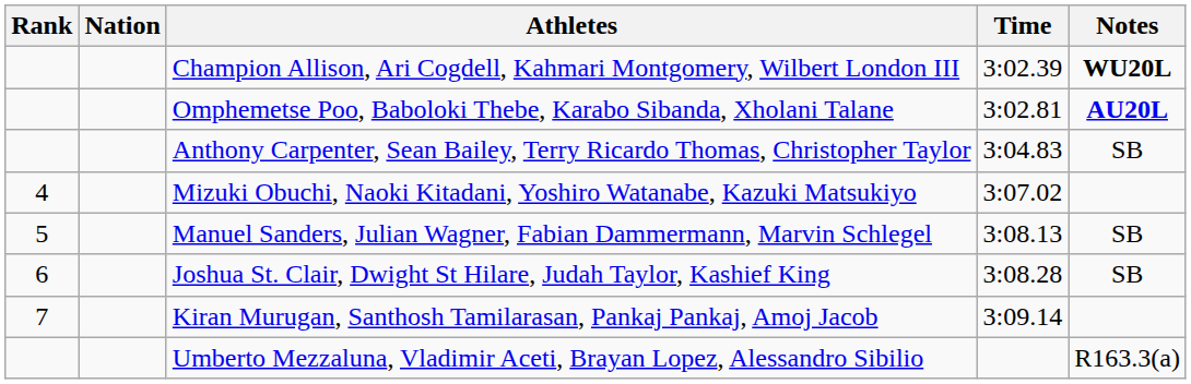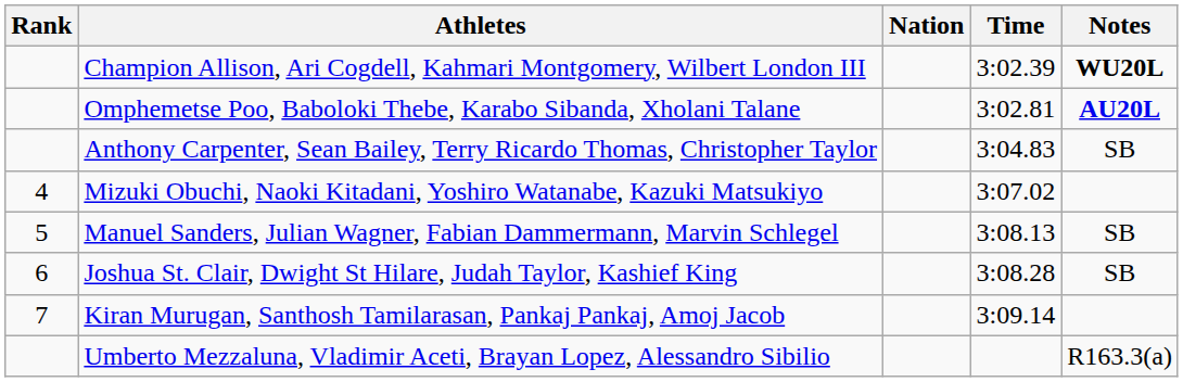 <table class="wikitable sortable" style="text-align:center">
 <tr>
 <th>Rank</th>
+<th>Athletes</th>
 <th>Nation</th>
-<th>Athletes</th>
 <th>Time</th>
 <th>Notes</th>
 </tr>
 <tr>
 <td></td>
+<td align=left><a href='#'>Champion Allison</a>, <a href='#'>Ari Cogdell</a>, <a href='#'>Kahmari Montgomery</a>, <a href='#'>Wilbert London III</a></td>
 <td align=left></td>
-<td align=left><a href='#'>Champion Allison</a>, <a href='#'>Ari Cogdell</a>, <a href='#'>Kahmari Montgomery</a>, <a href='#'>Wilbert London III</a></td>
 <td>3:02.39</td>
 <td><strong>WU20L</strong></td>
 </tr>
 <tr>
 <td></td>
+<td align=left><a href='#'>Omphemetse Poo</a>, <a href='#'>Baboloki Thebe</a>, <a href='#'>Karabo Sibanda</a>, <a href='#'>Xholani Talane</a></td>
 <td align=left></td>
-<td align=left><a href='#'>Omphemetse Poo</a>, <a href='#'>Baboloki Thebe</a>, <a href='#'>Karabo Sibanda</a>, <a href='#'>Xholani Talane</a></td>
 <td>3:02.81</td>
 <td><strong><a href='#'>AU20L</a></strong></td>
 </tr>
 <tr>
 <td></td>
+<td align=left><a href='#'>Anthony Carpenter</a>, <a href='#'>Sean Bailey</a>, <a href='#'>Terry Ricardo Thomas</a>, <a href='#'>Christopher Taylor</a></td>
 <td align=left></td>
-<td align=left><a href='#'>Anthony Carpenter</a>, <a href='#'>Sean Bailey</a>, <a href='#'>Terry Ricardo Thomas</a>, <a href='#'>Christopher Taylor</a></td>
 <td>3:04.83</td>
 <td>SB</td>
 </tr>
 <tr>
 <td>4</td>
+<td align=left><a href='#'>Mizuki Obuchi</a>, <a href='#'>Naoki Kitadani</a>, <a href='#'>Yoshiro Watanabe</a>, <a href='#'>Kazuki Matsukiyo</a></td>
 <td align=left></td>
-<td align=left><a href='#'>Mizuki Obuchi</a>, <a href='#'>Naoki Kitadani</a>, <a href='#'>Yoshiro Watanabe</a>, <a href='#'>Kazuki Matsukiyo</a></td>
 <td>3:07.02</td>
 <td></td>
 </tr>
 <tr>
 <td>5</td>
+<td align=left><a href='#'>Manuel Sanders</a>, <a href='#'>Julian Wagner</a>, <a href='#'>Fabian Dammermann</a>, <a href='#'>Marvin Schlegel</a></td>
 <td align=left></td>
-<td align=left><a href='#'>Manuel Sanders</a>, <a href='#'>Julian Wagner</a>, <a href='#'>Fabian Dammermann</a>, <a href='#'>Marvin Schlegel</a></td>
 <td>3:08.13</td>
 <td>SB</td>
 </tr>
 <tr>
 <td>6</td>
+<td align=left><a href='#'>Joshua St. Clair</a>, <a href='#'>Dwight St Hilare</a>, <a href='#'>Judah Taylor</a>, <a href='#'>Kashief King</a></td>
 <td align=left></td>
-<td align=left><a href='#'>Joshua St. Clair</a>, <a href='#'>Dwight St Hilare</a>, <a href='#'>Judah Taylor</a>, <a href='#'>Kashief King</a></td>
 <td>3:08.28</td>
 <td>SB</td>
 </tr>
 <tr>
 <td>7</td>
+<td align=left><a href='#'>Kiran Murugan</a>, <a href='#'>Santhosh Tamilarasan</a>, <a href='#'>Pankaj Pankaj</a>, <a href='#'>Amoj Jacob</a></td>
 <td align=left></td>
-<td align=left><a href='#'>Kiran Murugan</a>, <a href='#'>Santhosh Tamilarasan</a>, <a href='#'>Pankaj Pankaj</a>, <a href='#'>Amoj Jacob</a></td>
 <td>3:09.14</td>
 <td></td>
 </tr>
 <tr>
 <td></td>
+<td align=left><a href='#'>Umberto Mezzaluna</a>, <a href='#'>Vladimir Aceti</a>, <a href='#'>Brayan Lopez</a>, <a href='#'>Alessandro Sibilio</a></td>
 <td align=left></td>
-<td align=left><a href='#'>Umberto Mezzaluna</a>, <a href='#'>Vladimir Aceti</a>, <a href='#'>Brayan Lopez</a>, <a href='#'>Alessandro Sibilio</a></td>
 <td></td>
 <td>R163.3(a)</td>
 </tr>
 </table>
